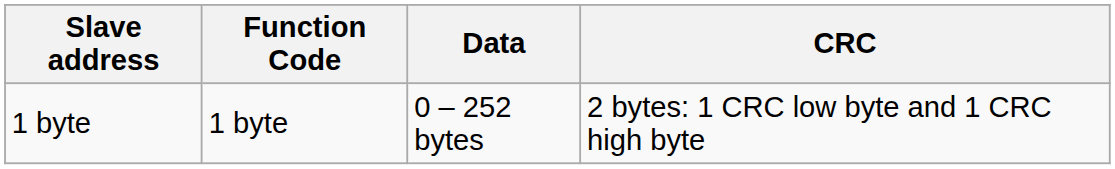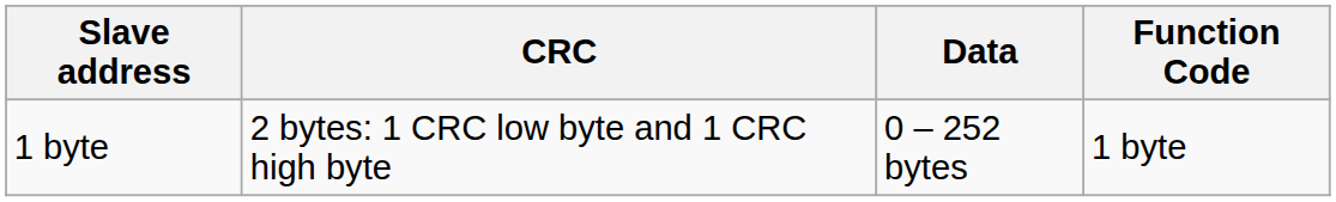 <table class="wikitable" style="float:middle; margin:0 0 1em 1em;">
 <tr>
 <th>Slave address</th>
+<th>CRC</th>
+<th>Data</th>
 <th>Function Code</th>
-<th>Data</th>
-<th>CRC</th>
 </tr>
 <tr>
 <td>1 byte</td>
+<td>2 bytes: 1 CRC low byte and 1 CRC high byte</td>
+<td>0 – 252 bytes</td>
 <td>1 byte</td>
-<td>0 – 252 bytes</td>
-<td>2 bytes: 1 CRC low byte and 1 CRC high byte</td>
 </tr>
 </table>
